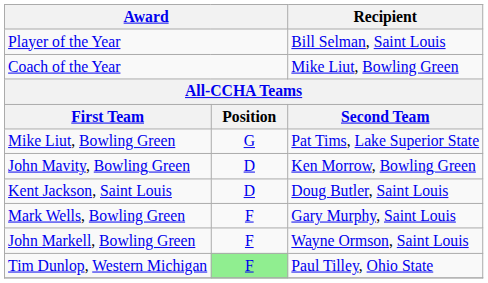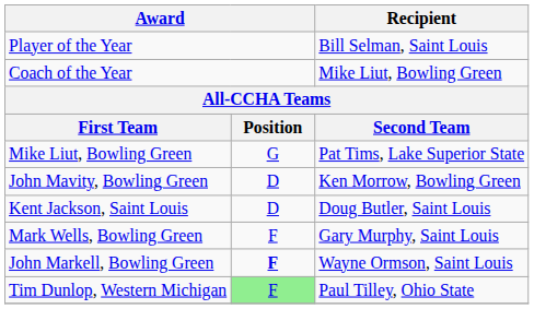 <table class="wikitable">
 <tr>
 <th colspan=2><a href='#'>Award</a></th>
 <th>Recipient</th>
 </tr>
 <tr>
 <td colspan=2><a href='#'>Player of the Year</a></td>
 <td><a href='#'>Bill Selman</a>, <a href='#'>Saint Louis</a></td>
 </tr>
 <tr>
 <td colspan=2><a href='#'>Coach of the Year</a></td>
 <td><a href='#'>Mike Liut</a>, <a href='#'>Bowling Green</a></td>
 </tr>
 <tr>
 <th colspan=3><a href='#'>All-CCHA Teams</a></th>
 </tr>
 <tr>
 <th><a href='#'>First Team</a></th>
 <th>  Position  </th>
 <th><a href='#'>Second Team</a></th>
 </tr>
 <tr>
 <td><a href='#'>Mike Liut</a>, <a href='#'>Bowling Green</a></td>
 <td align=center><a href='#'>G</a></td>
 <td><a href='#'>Pat Tims</a>, <a href='#'>Lake Superior State</a></td>
 </tr>
 <tr>
 <td><a href='#'>John Mavity</a>, <a href='#'>Bowling Green</a></td>
 <td align=center><a href='#'>D</a></td>
 <td><a href='#'>Ken Morrow</a>, <a href='#'>Bowling Green</a></td>
 </tr>
 <tr>
 <td><a href='#'>Kent Jackson</a>, <a href='#'>Saint Louis</a></td>
 <td align=center><a href='#'>D</a></td>
 <td><a href='#'>Doug Butler</a>, <a href='#'>Saint Louis</a></td>
 </tr>
 <tr>
 <td><a href='#'>Mark Wells</a>, <a href='#'>Bowling Green</a></td>
 <td align=center><a href='#'>F</a></td>
 <td><a href='#'>Gary Murphy</a>, <a href='#'>Saint Louis</a></td>
 </tr>
 <tr>
 <td><a href='#'>John Markell</a>, <a href='#'>Bowling Green</a></td>
-<td align=center><a href='#'>F</a></td>
+<td align=center><strong><a href='#'>F</a></strong></td>
 <td><a href='#'>Wayne Ormson</a>, <a href='#'>Saint Louis</a></td>
 </tr>
 <tr>
 <td><a href='#'>Tim Dunlop</a>, <a href='#'>Western Michigan</a></td>
 <td align=center style="background: lightgreen;"><a href='#'>F</a></td>
 <td><a href='#'>Paul Tilley</a>, <a href='#'>Ohio State</a></td>
 </tr>
 <tr>
 </tr>
 </table>
